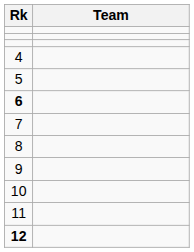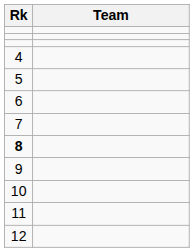 <table class=wikitable style=text-align:center>
 <tr>
 <th width=25>Rk</th>
 <th width=170>Team</th>
 </tr>
 <tr>
 <td></td>
 <td align=left></td>
 </tr>
 <tr>
 <td></td>
 <td align=left></td>
 </tr>
 <tr>
 <td></td>
 <td align=left></td>
 </tr>
 <tr>
 <td>4</td>
 <td align=left></td>
 </tr>
 <tr>
 <td>5</td>
 <td align=left></td>
 </tr>
 <tr>
-<td><strong>6</strong></td>
+<td>6</td>
 <td align=left></td>
 </tr>
 <tr>
 <td>7</td>
 <td align=left></td>
 </tr>
 <tr>
-<td>8</td>
+<td><strong>8</strong></td>
 <td align=left></td>
 </tr>
 <tr>
 <td>9</td>
 <td align=left></td>
 </tr>
 <tr>
 <td>10</td>
 <td align=left></td>
 </tr>
 <tr>
 <td>11</td>
 <td align=left></td>
 </tr>
 <tr>
-<td><strong>12</strong></td>
+<td>12</td>
 <td align=left></td>
 </tr>
 </table>
